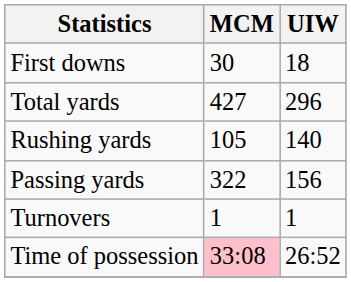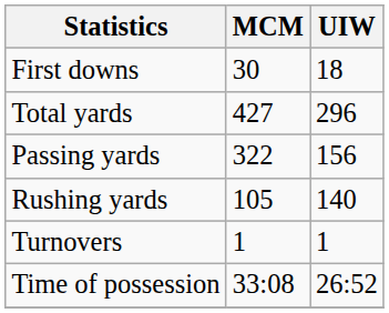 <table class="wikitable">
 <tr>
 <th>Statistics</th>
 <th>MCM</th>
 <th>UIW</th>
 </tr>
 <tr>
 <td>First downs</td>
 <td>30</td>
 <td>18</td>
 </tr>
 <tr>
 <td>Total yards</td>
 <td>427</td>
 <td>296</td>
 </tr>
 <tr>
+<td>Passing yards</td>
+<td>322</td>
+<td>156</td>
+</tr>
+<tr>
 <td>Rushing yards</td>
 <td>105</td>
 <td>140</td>
-</tr>
-<tr>
-<td>Passing yards</td>
-<td>322</td>
-<td>156</td>
 </tr>
 <tr>
 <td>Turnovers</td>
 <td>1</td>
 <td>1</td>
 </tr>
 <tr>
 <td>Time of possession</td>
-<td style="background: pink;">33:08</td>
+<td>33:08</td>
 <td>26:52</td>
 </tr>
 <tr>
 </tr>
 </table>
